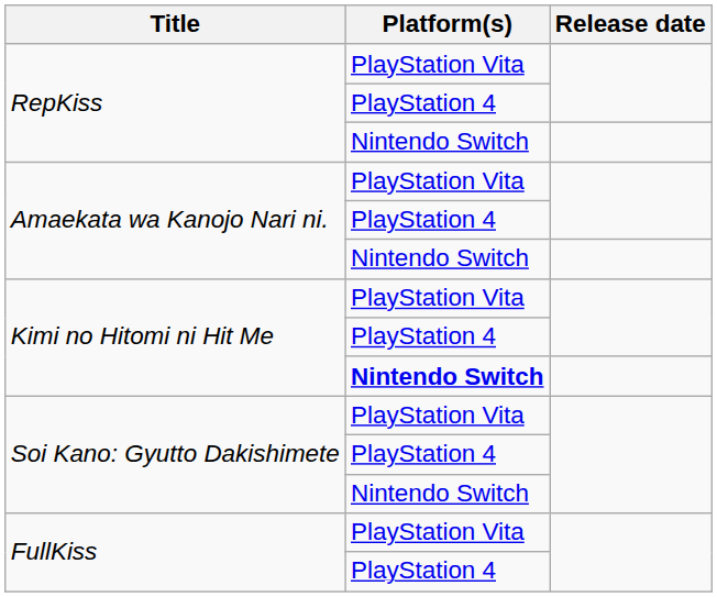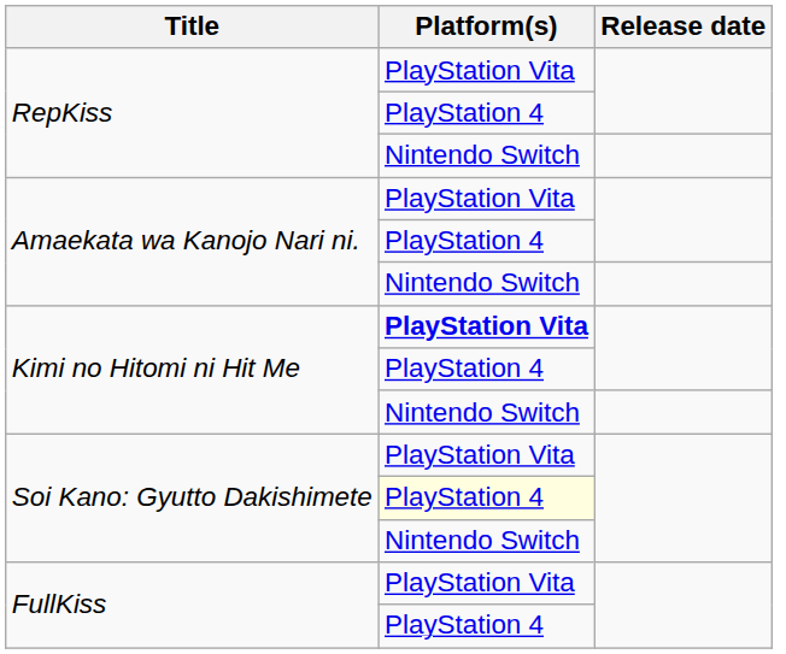 <table class="wikitable sortable" width="auto">
 <tr>
 <th>Title</th>
 <th>Platform(s)</th>
 <th>Release date</th>
 </tr>
 <tr>
 <td scope="row" rowspan="3"><em>RepKiss</em></td>
 <td><a href='#'>PlayStation Vita</a></td>
 <td scope="row" rowspan="2"></td>
 </tr>
 <tr>
 <td><a href='#'>PlayStation 4</a></td>
 </tr>
 <tr>
 <td><a href='#'>Nintendo Switch</a></td>
 <td></td>
 </tr>
 <tr>
 <td scope="row" rowspan="3"><em>Amaekata wa Kanojo Nari ni.</em></td>
 <td><a href='#'>PlayStation Vita</a></td>
 <td scope="row" rowspan="2"></td>
 </tr>
 <tr>
 <td><a href='#'>PlayStation 4</a></td>
 </tr>
 <tr>
 <td><a href='#'>Nintendo Switch</a></td>
 <td></td>
 </tr>
 <tr>
 <td scope="row" rowspan="3"><em>Kimi no Hitomi ni Hit Me</em></td>
-<td><a href='#'>PlayStation Vita</a></td>
+<td><strong><a href='#'>PlayStation Vita</a></strong></td>
 <td scope="row" rowspan="2"></td>
 </tr>
 <tr>
 <td><a href='#'>PlayStation 4</a></td>
 </tr>
 <tr>
-<td><strong><a href='#'>Nintendo Switch</a></strong></td>
+<td><a href='#'>Nintendo Switch</a></td>
 <td></td>
 </tr>
 <tr>
 <td scope="row" rowspan="3"><em>Soi Kano: Gyutto Dakishimete</em></td>
 <td><a href='#'>PlayStation Vita</a></td>
 <td scope="row" rowspan="3"></td>
 </tr>
 <tr>
-<td><a href='#'>PlayStation 4</a></td>
+<td style="background: lightyellow;"><a href='#'>PlayStation 4</a></td>
 </tr>
 <tr>
 <td><a href='#'>Nintendo Switch</a></td>
 </tr>
 <tr>
 <td scope="row" rowspan="2"><em>FullKiss</em></td>
 <td><a href='#'>PlayStation Vita</a></td>
 <td scope="row" rowspan="2"></td>
 </tr>
 <tr>
 <td><a href='#'>PlayStation 4</a></td>
 </tr>
 </table>
